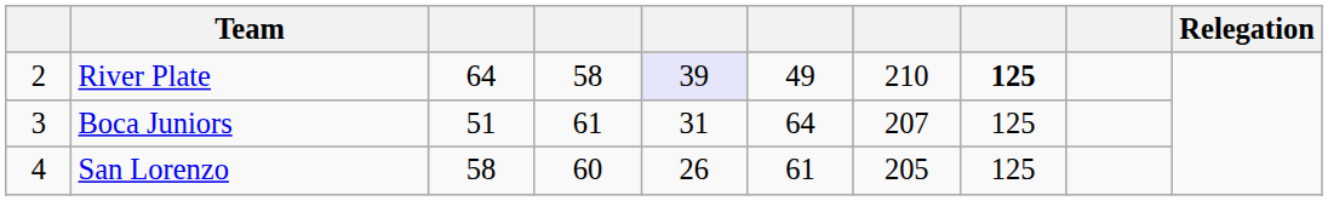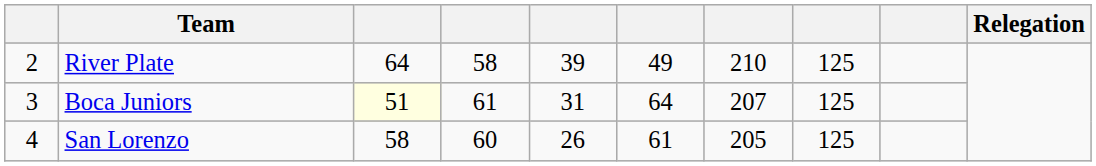 <table class="wikitable" style="text-align: center;">
 <tr>
 <th width=28><br></th>
 <th width=185>Team</th>
 <th width=50></th>
 <th width=50></th>
 <th width=50></th>
 <th width=50></th>
 <th width=50></th>
 <th width=50></th>
 <th width=50><br></th>
 <th>Relegation</th>
 </tr>
 <tr>
 <td>2</td>
 <td align="left"><a href='#'>River Plate</a></td>
 <td>64</td>
 <td>58</td>
-<td style="background: lavender;">39</td>
+<td>39</td>
 <td>49</td>
 <td>210</td>
-<td><strong>125</strong></td>
+<td>125</td>
 <td><strong></strong></td>
 </tr>
 <tr>
 <td>3</td>
 <td align="left"><a href='#'>Boca Juniors</a></td>
-<td>51</td>
+<td style="background: lightyellow;">51</td>
 <td>61</td>
 <td>31</td>
 <td>64</td>
 <td>207</td>
 <td>125</td>
 <td><strong></strong></td>
 </tr>
 <tr>
 <td>4</td>
 <td align="left"><a href='#'>San Lorenzo</a></td>
 <td>58</td>
 <td>60</td>
 <td>26</td>
 <td>61</td>
 <td>205</td>
 <td>125</td>
 <td><strong></strong></td>
 </tr>
 </table>
